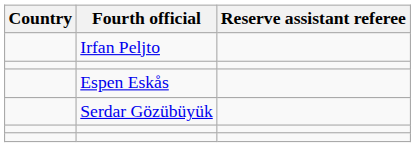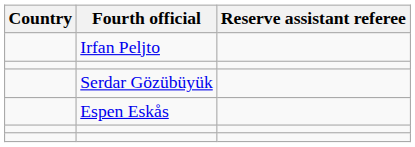 <table class="wikitable" style="display:inline-table;">
 <tr>
 <th>Country</th>
 <th>Fourth official</th>
 <th>Reserve assistant referee</th>
 </tr>
 <tr>
 <td></td>
 <td><a href='#'>Irfan Peljto</a></td>
 <td></td>
 </tr>
 <tr>
 <td></td>
 <td></td>
 <td></td>
 </tr>
 <tr>
 <td></td>
-<td><a href='#'>Espen Eskås</a></td>
+<td><a href='#'>Serdar Gözübüyük</a></td>
 <td></td>
 </tr>
 <tr>
 <td></td>
-<td><a href='#'>Serdar Gözübüyük</a></td>
+<td><a href='#'>Espen Eskås</a></td>
 <td></td>
 </tr>
 <tr>
 <td></td>
 <td></td>
 <td></td>
 </tr>
 <tr>
 <td></td>
 <td></td>
 <td></td>
 </tr>
 </table>
